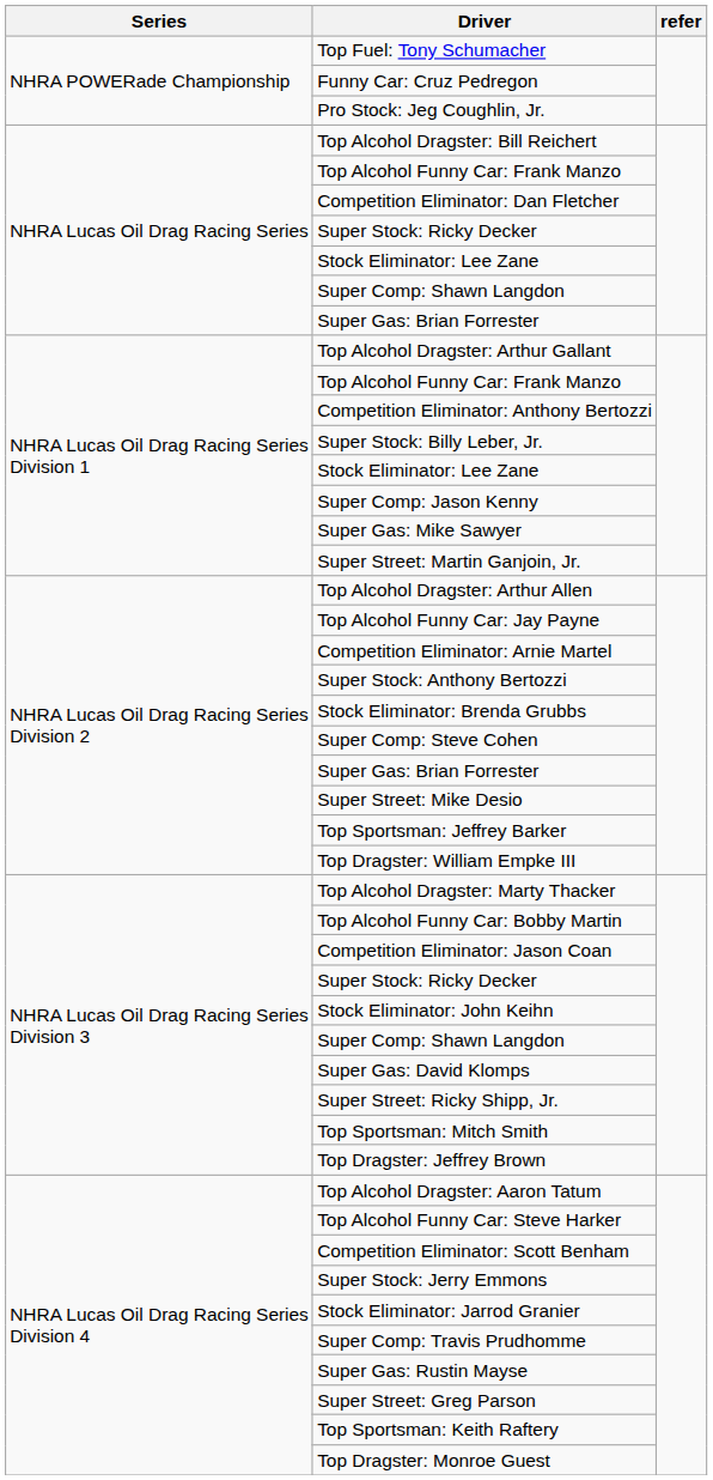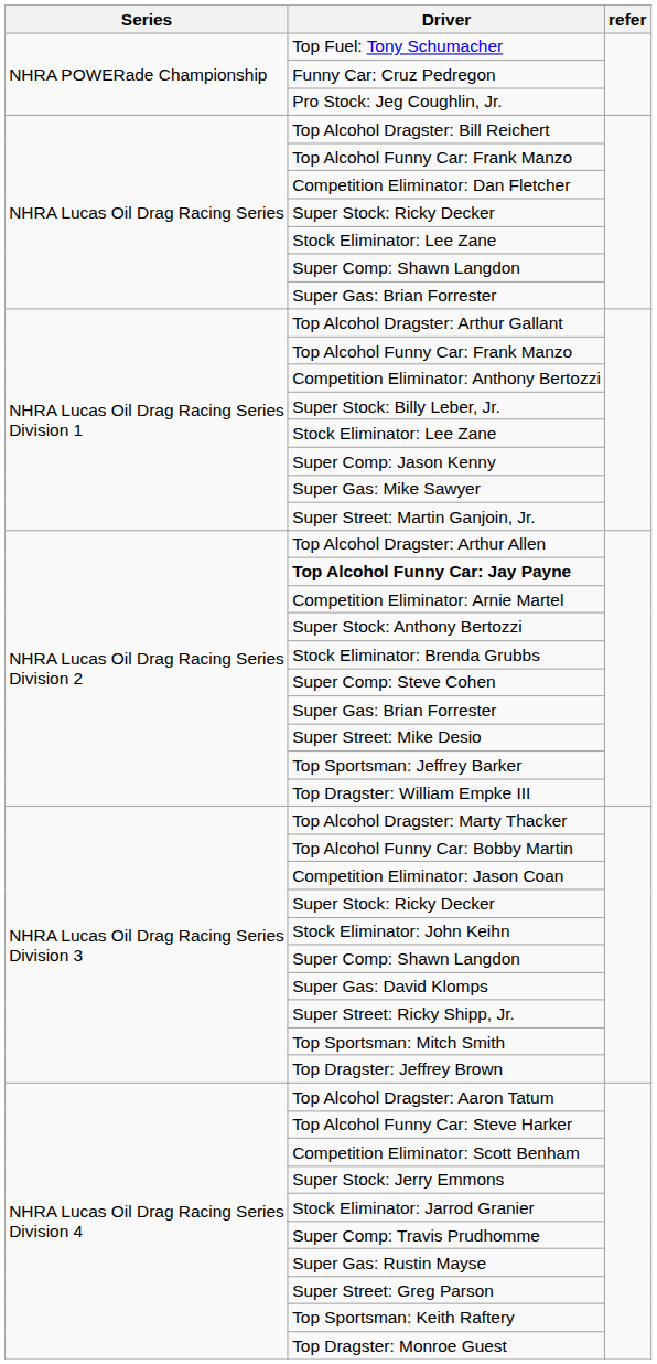 <table class="wikitable" style="font-size: 87%;">
 <tr>
 <th>Series</th>
 <th>Driver</th>
 <th>refer</th>
 </tr>
 <tr>
 <td rowspan=3>NHRA POWERade Championship</td>
 <td>Top Fuel:  <a href='#'>Tony Schumacher</a></td>
 <td rowspan=3></td>
 </tr>
 <tr>
 <td>Funny Car:  Cruz Pedregon</td>
 </tr>
 <tr>
 <td>Pro Stock:  Jeg Coughlin, Jr.</td>
 </tr>
 <tr>
 <td rowspan=7>NHRA Lucas Oil Drag Racing Series</td>
 <td>Top Alcohol Dragster:  Bill Reichert</td>
 <td rowspan=7></td>
 </tr>
 <tr>
 <td>Top Alcohol Funny Car:  Frank Manzo</td>
 </tr>
 <tr>
 <td>Competition Eliminator:  Dan Fletcher</td>
 </tr>
 <tr>
 <td>Super Stock:  Ricky Decker</td>
 </tr>
 <tr>
 <td>Stock Eliminator:  Lee Zane</td>
 </tr>
 <tr>
 <td>Super Comp:  Shawn Langdon</td>
 </tr>
 <tr>
 <td>Super Gas:  Brian Forrester</td>
 </tr>
 <tr>
 <td rowspan=8>NHRA Lucas Oil Drag Racing Series<br>Division 1</td>
 <td>Top Alcohol Dragster:  Arthur Gallant</td>
 <td rowspan=8></td>
 </tr>
 <tr>
 <td>Top Alcohol Funny Car:  Frank Manzo</td>
 </tr>
 <tr>
 <td>Competition Eliminator:  Anthony Bertozzi</td>
 </tr>
 <tr>
 <td>Super Stock:  Billy Leber, Jr.</td>
 </tr>
 <tr>
 <td>Stock Eliminator:  Lee Zane</td>
 </tr>
 <tr>
 <td>Super Comp:  Jason Kenny</td>
 </tr>
 <tr>
 <td>Super Gas:  Mike Sawyer</td>
 </tr>
 <tr>
 <td>Super Street:  Martin Ganjoin, Jr.</td>
 </tr>
 <tr>
 <td rowspan=10>NHRA Lucas Oil Drag Racing Series<br>Division 2</td>
 <td>Top Alcohol Dragster:  Arthur Allen</td>
 <td rowspan=10></td>
 </tr>
 <tr>
-<td>Top Alcohol Funny Car:  Jay Payne</td>
+<td><strong>Top Alcohol Funny Car:  Jay Payne</strong></td>
 </tr>
 <tr>
 <td>Competition Eliminator:  Arnie Martel</td>
 </tr>
 <tr>
 <td>Super Stock:  Anthony Bertozzi</td>
 </tr>
 <tr>
 <td>Stock Eliminator:  Brenda Grubbs</td>
 </tr>
 <tr>
 <td>Super Comp:  Steve Cohen</td>
 </tr>
 <tr>
 <td>Super Gas:  Brian Forrester</td>
 </tr>
 <tr>
 <td>Super Street:  Mike Desio</td>
 </tr>
 <tr>
 <td>Top Sportsman:  Jeffrey Barker</td>
 </tr>
 <tr>
 <td>Top Dragster:  William Empke III</td>
 </tr>
 <tr>
 <td rowspan=10>NHRA Lucas Oil Drag Racing Series<br>Division 3</td>
 <td>Top Alcohol Dragster:  Marty Thacker</td>
 <td rowspan=10></td>
 </tr>
 <tr>
 <td>Top Alcohol Funny Car:  Bobby Martin</td>
 </tr>
 <tr>
 <td>Competition Eliminator:  Jason Coan</td>
 </tr>
 <tr>
 <td>Super Stock:  Ricky Decker</td>
 </tr>
 <tr>
 <td>Stock Eliminator:  John Keihn</td>
 </tr>
 <tr>
 <td>Super Comp:  Shawn Langdon</td>
 </tr>
 <tr>
 <td>Super Gas:  David Klomps</td>
 </tr>
 <tr>
 <td>Super Street:  Ricky Shipp, Jr.</td>
 </tr>
 <tr>
 <td>Top Sportsman:  Mitch Smith</td>
 </tr>
 <tr>
 <td>Top Dragster:  Jeffrey Brown</td>
 </tr>
 <tr>
 <td rowspan=10>NHRA Lucas Oil Drag Racing Series<br>Division 4</td>
 <td>Top Alcohol Dragster:  Aaron Tatum</td>
 <td rowspan=10></td>
 </tr>
 <tr>
 <td>Top Alcohol Funny Car:  Steve Harker</td>
 </tr>
 <tr>
 <td>Competition Eliminator:  Scott Benham</td>
 </tr>
 <tr>
 <td>Super Stock:  Jerry Emmons</td>
 </tr>
 <tr>
 <td>Stock Eliminator:  Jarrod Granier</td>
 </tr>
 <tr>
 <td>Super Comp:  Travis Prudhomme</td>
 </tr>
 <tr>
 <td>Super Gas:  Rustin Mayse</td>
 </tr>
 <tr>
 <td>Super Street:  Greg Parson</td>
 </tr>
 <tr>
 <td>Top Sportsman:  Keith Raftery</td>
 </tr>
 <tr>
 <td>Top Dragster:  Monroe Guest</td>
 </tr>
 <tr>
 </tr>
 </table>
